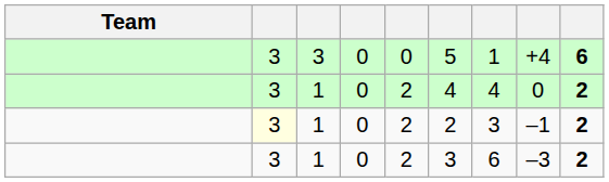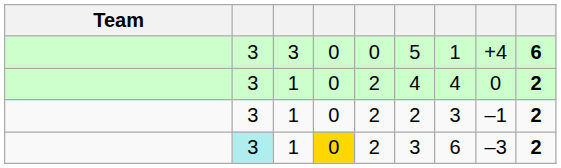 <table class="wikitable" style="text-align:center">
 <tr>
 <th width=175>Team</th>
 <th width=25></th>
 <th width=25></th>
 <th width=25></th>
 <th width=25></th>
 <th width=25></th>
 <th width=25></th>
 <th width=25></th>
 <th width=25></th>
 </tr>
 <tr align=center bgcolor=#ccffcc>
 <td style="text-align:left;"></td>
 <td>3</td>
 <td>3</td>
 <td>0</td>
 <td>0</td>
 <td>5</td>
 <td>1</td>
 <td>+4</td>
 <td><strong>6</strong></td>
 </tr>
 <tr align=center bgcolor=#ccffcc>
 <td style="text-align:left;"></td>
 <td>3</td>
 <td>1</td>
 <td>0</td>
 <td>2</td>
 <td>4</td>
 <td>4</td>
 <td>0</td>
 <td><strong>2</strong></td>
 </tr>
 <tr>
 <td style="text-align:left;"></td>
-<td style="background: lightyellow;">3</td>
+<td>3</td>
 <td>1</td>
 <td>0</td>
 <td>2</td>
 <td>2</td>
 <td>3</td>
 <td>–1</td>
 <td><strong>2</strong></td>
 </tr>
 <tr>
 <td style="text-align:left;"></td>
-<td>3</td>
+<td style="background: paleturquoise;">3</td>
 <td>1</td>
-<td>0</td>
+<td style="background: gold;">0</td>
 <td>2</td>
 <td>3</td>
 <td>6</td>
 <td>–3</td>
 <td><strong>2</strong></td>
 </tr>
 </table>
